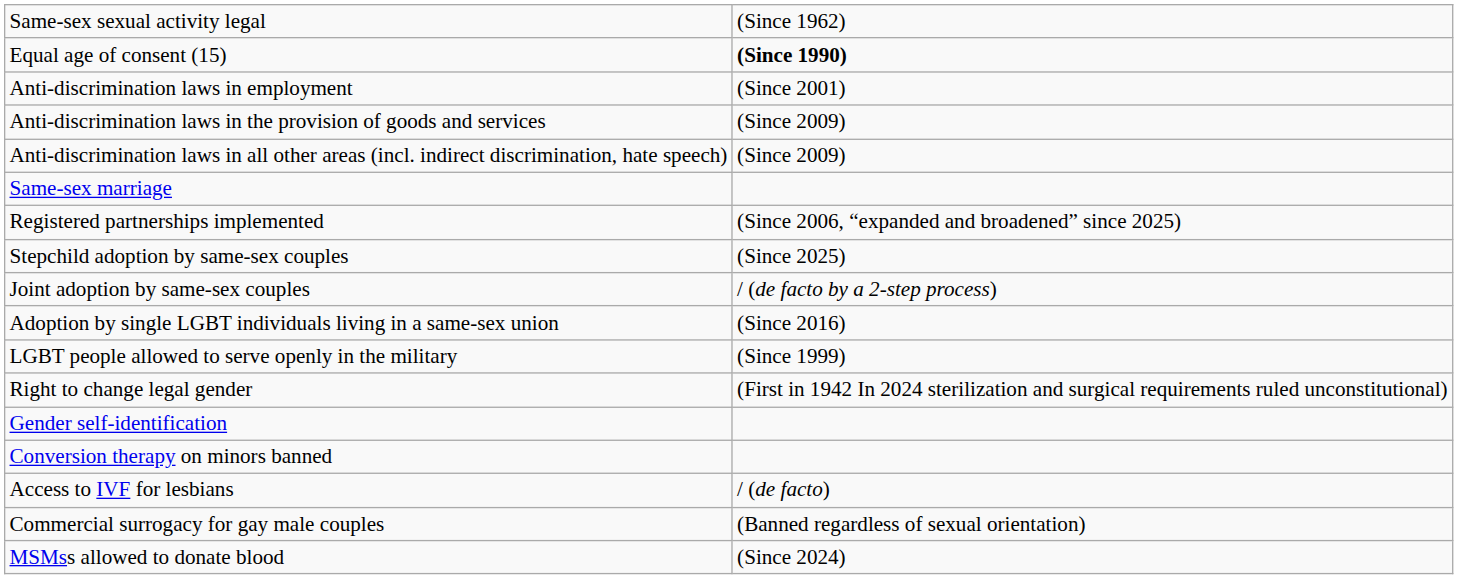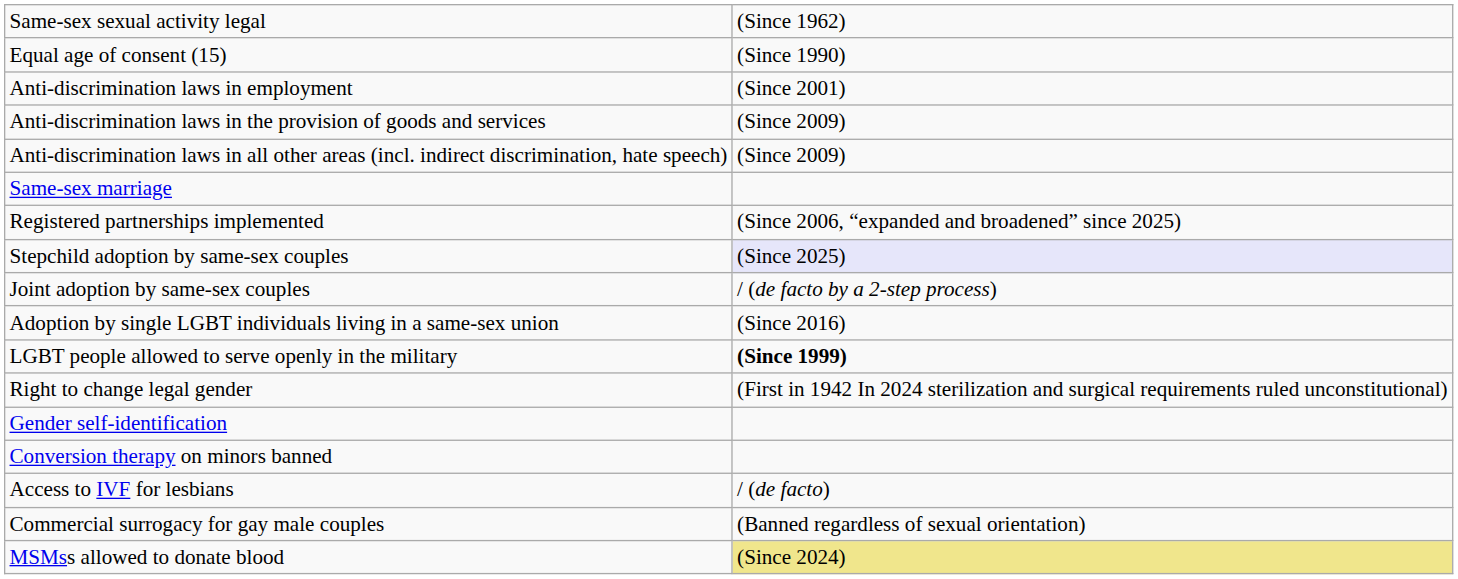 <table class="wikitable">
 <tr>
 <td>Same-sex sexual activity legal</td>
 <td> (Since 1962)</td>
 </tr>
 <tr>
 <td>Equal age of consent (15)</td>
-<td><strong> (Since 1990)</strong></td>
+<td> (Since 1990)</td>
 </tr>
 <tr>
 <td>Anti-discrimination laws in employment</td>
 <td> (Since 2001)</td>
 </tr>
 <tr>
 <td>Anti-discrimination laws in the provision of goods and services</td>
 <td> (Since 2009)</td>
 </tr>
 <tr>
 <td>Anti-discrimination laws in all other areas (incl. indirect discrimination, hate speech)</td>
 <td> (Since 2009)</td>
 </tr>
 <tr>
 <td><a href='#'>Same-sex marriage</a></td>
 <td></td>
 </tr>
 <tr>
 <td>Registered partnerships implemented</td>
 <td> (Since 2006, “expanded and broadened” since 2025)</td>
 </tr>
 <tr>
 <td>Stepchild adoption by same-sex couples</td>
-<td> (Since 2025)</td>
+<td style="background: lavender;"> (Since 2025)</td>
 </tr>
 <tr>
 <td>Joint adoption by same-sex couples</td>
 <td>/ (<em>de facto by a 2-step process</em>)</td>
 </tr>
 <tr>
 <td>Adoption by single LGBT individuals living in a same-sex union</td>
 <td> (Since 2016)</td>
 </tr>
 <tr>
 <td>LGBT people allowed to serve openly in the military</td>
-<td> (Since 1999)</td>
+<td><strong> (Since 1999)</strong></td>
 </tr>
 <tr>
 <td>Right to change legal gender</td>
 <td> (First in 1942 In 2024 sterilization and surgical requirements ruled unconstitutional)</td>
 </tr>
 <tr>
 <td><a href='#'>Gender self-identification</a></td>
 <td></td>
 </tr>
 <tr>
 <td><a href='#'>Conversion therapy</a> on minors banned</td>
 <td></td>
 </tr>
 <tr>
 <td>Access to <a href='#'>IVF</a> for lesbians</td>
 <td>/ (<em>de facto</em>)</td>
 </tr>
 <tr>
 <td>Commercial surrogacy for gay male couples</td>
 <td> (Banned regardless of sexual orientation)</td>
 </tr>
 <tr>
 <td><a href='#'>MSMs</a>s allowed to donate blood</td>
-<td> (Since 2024)</td>
+<td style="background: khaki;"> (Since 2024)</td>
 </tr>
 </table>
